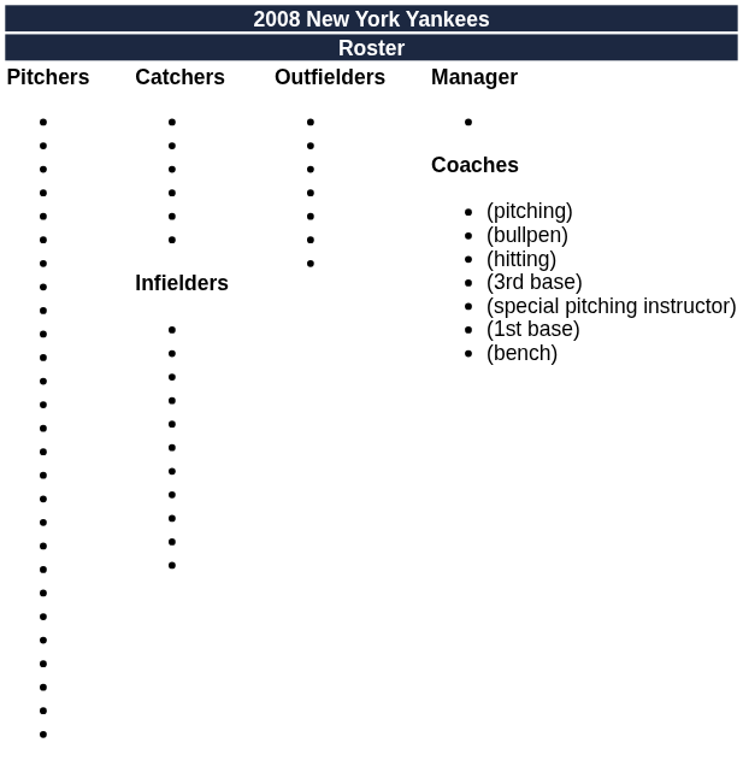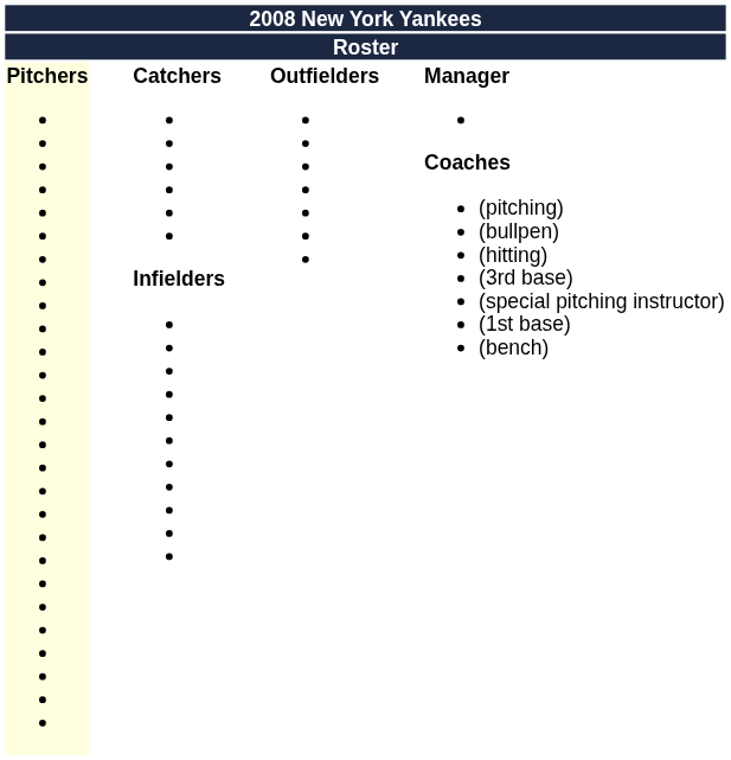 <table class="toccolours" style="font-size: 95%;">
 <tr>
 <th colspan="10" style="background-color: #1c2841; color: white; text-align: center;">2008 New York Yankees</th>
 </tr>
 <tr>
 <td colspan="10" style="background-color: #1c2841; color: white; text-align: center;"><strong>Roster</strong></td>
 </tr>
 <tr>
-<td valign="top"><strong>Pitchers</strong><br><ul><li></li><li></li><li></li><li></li><li></li><li></li><li></li><li></li><li></li><li></li><li></li><li></li><li></li><li></li><li></li><li></li><li></li><li></li><li></li><li></li><li></li><li></li><li></li><li></li><li></li><li></li><li></li></ul></td>
+<td valign="top" style="background: lightyellow;"><strong>Pitchers</strong><br><ul><li></li><li></li><li></li><li></li><li></li><li></li><li></li><li></li><li></li><li></li><li></li><li></li><li></li><li></li><li></li><li></li><li></li><li></li><li></li><li></li><li></li><li></li><li></li><li></li><li></li><li></li><li></li></ul></td>
 <td width="25px"></td>
 <td valign="top"><strong>Catchers</strong><br><ul><li></li><li></li><li></li><li></li><li></li><li></li></ul><strong>Infielders</strong><ul><li></li><li></li><li></li><li></li><li></li><li></li><li></li><li></li><li></li><li></li><li></li></ul></td>
 <td width="25px"></td>
 <td valign="top"><strong>Outfielders</strong><br><ul><li></li><li></li><li></li><li></li><li></li><li></li><li></li></ul></td>
 <td width="25px"></td>
 <td valign="top"><strong>Manager</strong><br><ul><li></li></ul><strong>Coaches</strong><ul><li> (pitching)</li><li> (bullpen)</li><li> (hitting)</li><li> (3rd base)</li><li> (special pitching instructor)</li><li> (1st base)</li><li> (bench)</li></ul></td>
 </tr>
 </table>
